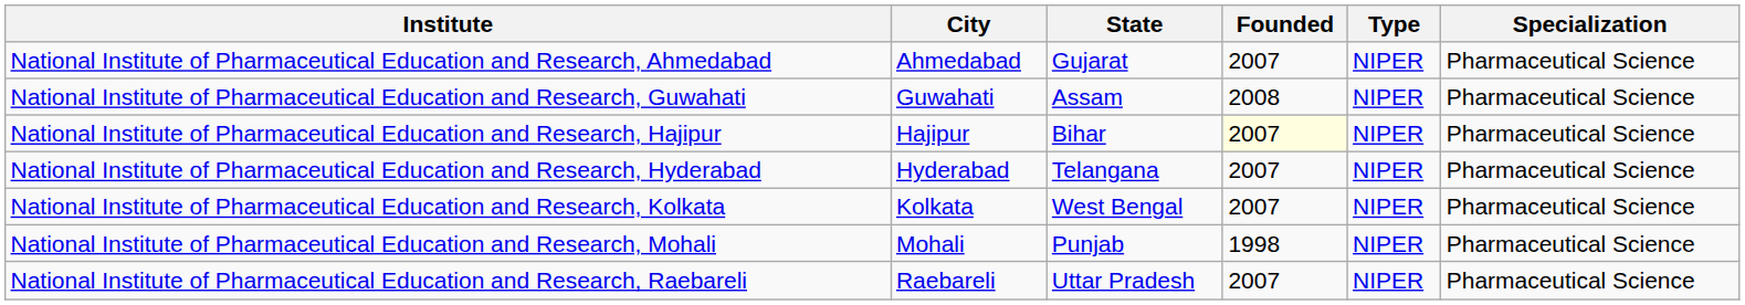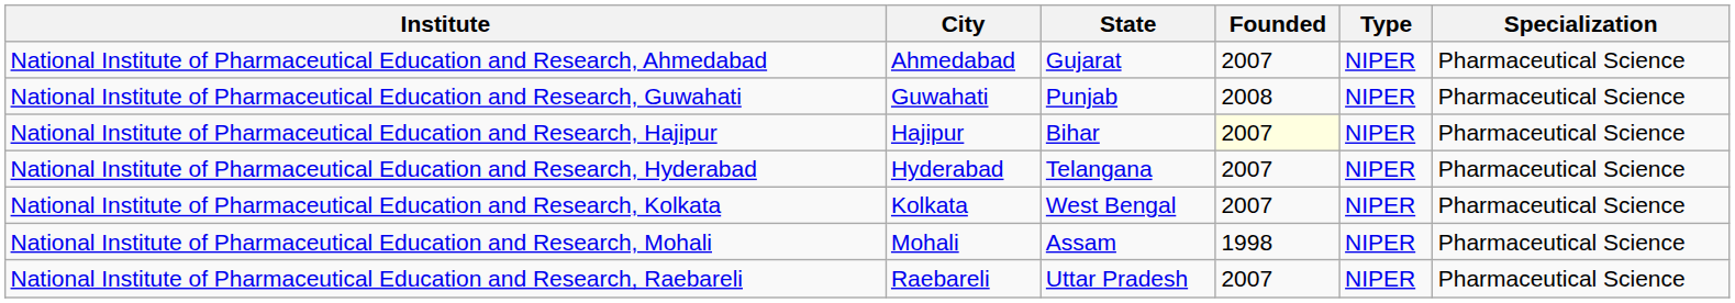 <table class="wikitable sortable" style="width:90%; font-size:95%">
 <tr align=center>
 <th>Institute</th>
 <th>City</th>
 <th>State</th>
 <th>Founded</th>
 <th>Type</th>
 <th>Specialization</th>
 </tr>
 <tr>
 <td><a href='#'>National Institute of Pharmaceutical Education and Research, Ahmedabad</a></td>
 <td><a href='#'>Ahmedabad</a></td>
 <td><a href='#'>Gujarat</a></td>
 <td>2007</td>
 <td><a href='#'>NIPER</a></td>
 <td>Pharmaceutical Science</td>
 </tr>
 <tr>
 <td><a href='#'>National Institute of Pharmaceutical Education and Research, Guwahati</a></td>
 <td><a href='#'>Guwahati</a></td>
-<td><a href='#'>Assam</a></td>
+<td><a href='#'>Punjab</a></td>
 <td>2008</td>
 <td><a href='#'>NIPER</a></td>
 <td>Pharmaceutical Science</td>
 </tr>
 <tr>
 <td><a href='#'>National Institute of Pharmaceutical Education and Research, Hajipur</a></td>
 <td><a href='#'>Hajipur</a></td>
 <td><a href='#'>Bihar</a></td>
 <td style="background: lightyellow;">2007</td>
 <td><a href='#'>NIPER</a></td>
 <td>Pharmaceutical Science</td>
 </tr>
 <tr>
 <td><a href='#'>National Institute of Pharmaceutical Education and Research, Hyderabad</a></td>
 <td><a href='#'>Hyderabad</a></td>
 <td><a href='#'>Telangana</a></td>
 <td>2007</td>
 <td><a href='#'>NIPER</a></td>
 <td>Pharmaceutical Science</td>
 </tr>
 <tr>
 <td><a href='#'>National Institute of Pharmaceutical Education and Research, Kolkata</a></td>
 <td><a href='#'>Kolkata</a></td>
 <td><a href='#'>West Bengal</a></td>
 <td>2007</td>
 <td><a href='#'>NIPER</a></td>
 <td>Pharmaceutical Science</td>
 </tr>
 <tr>
 <td><a href='#'>National Institute of Pharmaceutical Education and Research, Mohali</a></td>
 <td><a href='#'>Mohali</a></td>
-<td><a href='#'>Punjab</a></td>
+<td><a href='#'>Assam</a></td>
 <td>1998</td>
 <td><a href='#'>NIPER</a></td>
 <td>Pharmaceutical Science</td>
 </tr>
 <tr>
 <td><a href='#'>National Institute of Pharmaceutical Education and Research, Raebareli</a></td>
 <td><a href='#'>Raebareli</a></td>
 <td><a href='#'>Uttar Pradesh</a></td>
 <td>2007</td>
 <td><a href='#'>NIPER</a></td>
 <td>Pharmaceutical Science</td>
 </tr>
 </table>
